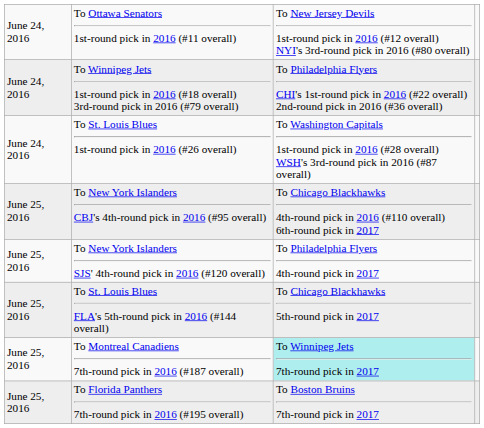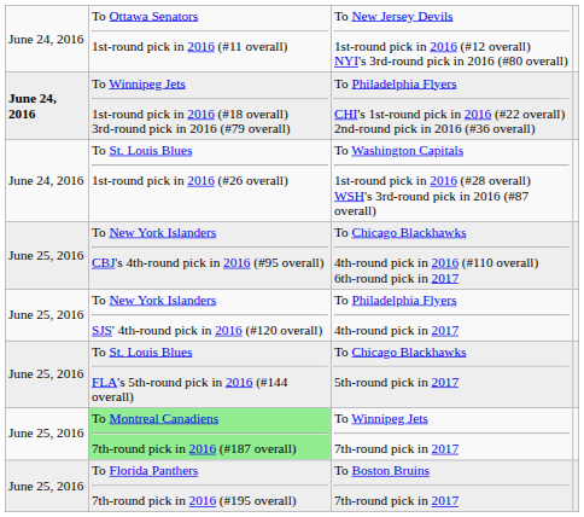 <table class="wikitable" style="border:1px solid #999999; width:680px;">
 <tr>
 <td>June 24, 2016</td>
 <td valign="top">To <a href='#'>Ottawa Senators</a><hr> 1st-round pick in <a href='#'>2016</a> (#11 overall)</td>
 <td valign="top">To <a href='#'>New Jersey Devils</a><hr> 1st-round pick in <a href='#'>2016</a> (#12 overall)<br><a href='#'>NYI</a>'s 3rd-round pick in 2016 (#80 overall)</td>
 <td></td>
 </tr>
 <tr bgcolor="eeeeee">
-<td>June 24, 2016</td>
+<td><strong>June 24, 2016</strong></td>
 <td valign="top">To <a href='#'>Winnipeg Jets</a><hr> 1st-round pick in <a href='#'>2016</a> (#18 overall)<br>3rd-round pick in 2016 (#79 overall)</td>
 <td valign="top">To <a href='#'>Philadelphia Flyers</a><hr> <a href='#'>CHI</a>'s 1st-round pick in <a href='#'>2016</a> (#22 overall)<br>2nd-round pick in 2016 (#36 overall)</td>
 <td></td>
 </tr>
 <tr>
 <td>June 24, 2016</td>
 <td valign="top">To <a href='#'>St. Louis Blues</a><hr> 1st-round pick in <a href='#'>2016</a> (#26 overall)</td>
 <td valign="top">To <a href='#'>Washington Capitals</a><hr> 1st-round pick in <a href='#'>2016</a> (#28 overall)<br><a href='#'>WSH</a>'s 3rd-round pick in 2016 (#87 overall)</td>
 <td></td>
 </tr>
 <tr bgcolor="eeeeee">
 <td>June 25, 2016</td>
 <td valign="top">To <a href='#'>New York Islanders</a><hr> <a href='#'>CBJ</a>'s 4th-round pick in <a href='#'>2016</a> (#95 overall)</td>
 <td valign="top">To <a href='#'>Chicago Blackhawks</a><hr> 4th-round pick in <a href='#'>2016</a> (#110 overall)<br>6th-round pick in <a href='#'>2017</a></td>
 <td></td>
 </tr>
 <tr>
 <td>June 25, 2016</td>
 <td valign="top">To <a href='#'>New York Islanders</a><hr> <a href='#'>SJS</a>' 4th-round pick in <a href='#'>2016</a> (#120 overall)</td>
 <td valign="top">To <a href='#'>Philadelphia Flyers</a><hr> 4th-round pick in <a href='#'>2017</a></td>
 <td></td>
 </tr>
 <tr bgcolor="eeeeee">
 <td>June 25, 2016</td>
 <td valign="top">To <a href='#'>St. Louis Blues</a><hr> <a href='#'>FLA</a>'s 5th-round pick in <a href='#'>2016</a> (#144 overall)</td>
 <td valign="top">To <a href='#'>Chicago Blackhawks</a><hr> 5th-round pick in <a href='#'>2017</a></td>
 <td></td>
 </tr>
 <tr>
 <td>June 25, 2016</td>
-<td valign="top">To <a href='#'>Montreal Canadiens</a><hr> 7th-round pick in <a href='#'>2016</a> (#187 overall)</td>
-<td valign="top" style="background: paleturquoise;">To <a href='#'>Winnipeg Jets</a><hr> 7th-round pick in <a href='#'>2017</a></td>
+<td valign="top" style="background: lightgreen;">To <a href='#'>Montreal Canadiens</a><hr> 7th-round pick in <a href='#'>2016</a> (#187 overall)</td>
+<td valign="top">To <a href='#'>Winnipeg Jets</a><hr> 7th-round pick in <a href='#'>2017</a></td>
 <td></td>
 </tr>
 <tr bgcolor="eeeeee">
 <td>June 25, 2016</td>
 <td valign="top">To <a href='#'>Florida Panthers</a><hr> 7th-round pick in <a href='#'>2016</a> (#195 overall)</td>
 <td valign="top">To <a href='#'>Boston Bruins</a><hr> 7th-round pick in <a href='#'>2017</a></td>
 <td></td>
 </tr>
 </table>
